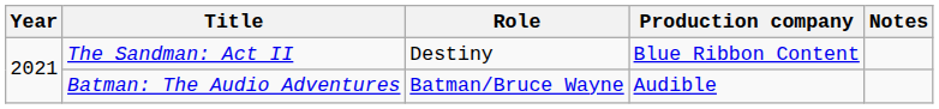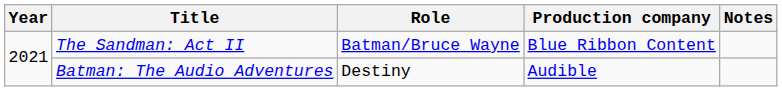 <table class="wikitable unsortable">
 <tr>
 <th>Year</th>
 <th>Title</th>
 <th>Role</th>
 <th>Production company</th>
 <th class="unsortable">Notes</th>
 </tr>
 <tr>
 <td rowspan="2">2021</td>
 <td><em><a href='#'>The Sandman: Act II</a></em></td>
-<td>Destiny</td>
+<td><a href='#'>Batman/Bruce Wayne</a></td>
 <td><a href='#'>Blue Ribbon Content</a></td>
 <td></td>
 </tr>
 <tr>
 <td><em><a href='#'>Batman: The Audio Adventures</a></em></td>
-<td><a href='#'>Batman/Bruce Wayne</a></td>
+<td>Destiny</td>
 <td><a href='#'>Audible</a></td>
 <td></td>
 </tr>
 </table>
